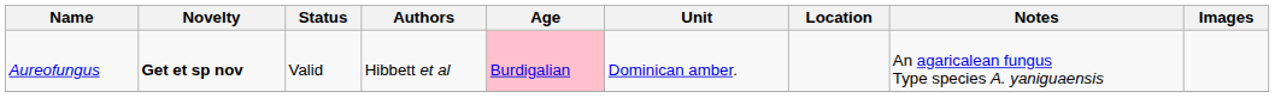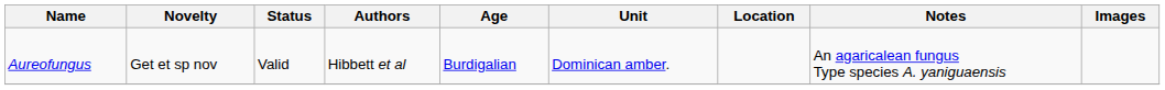 <table class="wikitable sortable" align="center" width="100%">
 <tr>
 <th>Name</th>
 <th>Novelty</th>
 <th>Status</th>
 <th>Authors</th>
 <th>Age</th>
 <th>Unit</th>
 <th>Location</th>
 <th>Notes</th>
 <th>Images</th>
 </tr>
 <tr>
 <td><br><em><a href='#'>Aureofungus</a></em></td>
-<td><strong><br>Get et sp nov</strong></td>
+<td><br>Get et sp nov</td>
 <td><br>Valid</td>
 <td><br>Hibbett <em>et al</em></td>
-<td style="background: pink;"><br><a href='#'>Burdigalian</a></td>
+<td><br><a href='#'>Burdigalian</a></td>
 <td><br><a href='#'>Dominican amber</a>.</td>
 <td><br></td>
 <td><br>An <a href='#'>agaricalean fungus</a><br> Type species <em>A. yaniguaensis</em></td>
 <td><br></td>
 </tr>
 <tr>
 </tr>
 </table>
